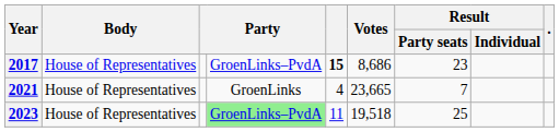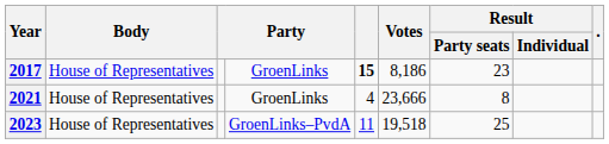 <table class="wikitable plainrowheaders sortable" border=2 cellpadding=4 cellspacing=0 style="border: 1px #aaa solid; font-size: 90%; text-align:center;">
 <tr>
 <th scope="col" rowspan=2>Year</th>
 <th scope="col" rowspan=2>Body</th>
 <th scope="col" colspan=2 rowspan=2>Party</th>
 <th scope="col" rowspan=2></th>
 <th scope="col" rowspan=2>Votes</th>
 <th scope="colgroup" colspan=2>Result</th>
 <th scope="col" rowspan=2 class="unsortable">.</th>
 </tr>
 <tr>
 <th scope="col">Party seats</th>
 <th scope="col">Individual</th>
 </tr>
 <tr>
 <th scope="row"><a href='#'>2017</a></th>
 <td><a href='#'>House of Representatives</a></td>
 <td style="background-color:"></td>
-<td><a href='#'>GroenLinks–PvdA</a></td>
+<td><a href='#'>GroenLinks</a></td>
 <td style=text-align:right><strong>15</strong></td>
-<td style=text-align:right>8,686</td>
+<td style=text-align:right>8,186</td>
 <td style=text-align:right>23</td>
 <td></td>
 <td></td>
 </tr>
 <tr>
 <th scope="row"><a href='#'>2021</a></th>
 <td>House of Representatives</td>
 <td style="background-color:"></td>
 <td>GroenLinks</td>
 <td style=text-align:right>4</td>
-<td style=text-align:right>23,665</td>
-<td style=text-align:right>7</td>
+<td style=text-align:right>23,666</td>
+<td style=text-align:right>8</td>
 <td></td>
 <td></td>
 </tr>
 <tr>
 <th scope="row"><a href='#'>2023</a></th>
 <td>House of Representatives</td>
 <td style="background-color:"></td>
-<td style="background: lightgreen;"><a href='#'>GroenLinks–PvdA</a></td>
+<td><a href='#'>GroenLinks–PvdA</a></td>
 <td style=text-align:right><a href='#'>11</a></td>
 <td style=text-align:right>19,518</td>
 <td style=text-align:right>25</td>
 <td></td>
 <td></td>
 </tr>
 </table>
